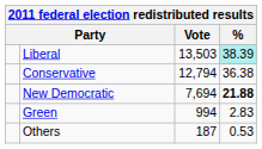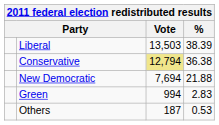 <table class="wikitable">
 <tr>
 <th colspan="4"><a href='#'>2011 federal election</a> redistributed results</th>
 </tr>
 <tr>
 <th bgcolor="#DDDDFF" width="130px" colspan="2">Party</th>
 <th bgcolor="#DDDDFF" width="50px">Vote</th>
 <th bgcolor="#DDDDFF" width="30px">%</th>
 </tr>
 <tr>
 <td> </td>
 <td><a href='#'>Liberal</a></td>
 <td align=right>13,503</td>
-<td align=right style="background: paleturquoise;">38.39</td>
+<td align=right>38.39</td>
 </tr>
 <tr>
 <td> </td>
 <td><a href='#'>Conservative</a></td>
-<td align=right>12,794</td>
+<td align=right style="background: khaki;">12,794</td>
 <td align=right>36.38</td>
 </tr>
 <tr>
 <td> </td>
 <td><a href='#'>New Democratic</a></td>
 <td align=right>7,694</td>
-<td align=right><strong>21.88</strong></td>
+<td align=right>21.88</td>
 </tr>
 <tr>
 <td> </td>
 <td><a href='#'>Green</a></td>
 <td align=right>994</td>
 <td align=right>2.83</td>
 </tr>
 <tr>
 <td> </td>
 <td>Others</td>
 <td align=right>187</td>
 <td align=right>0.53</td>
 </tr>
 </table>
